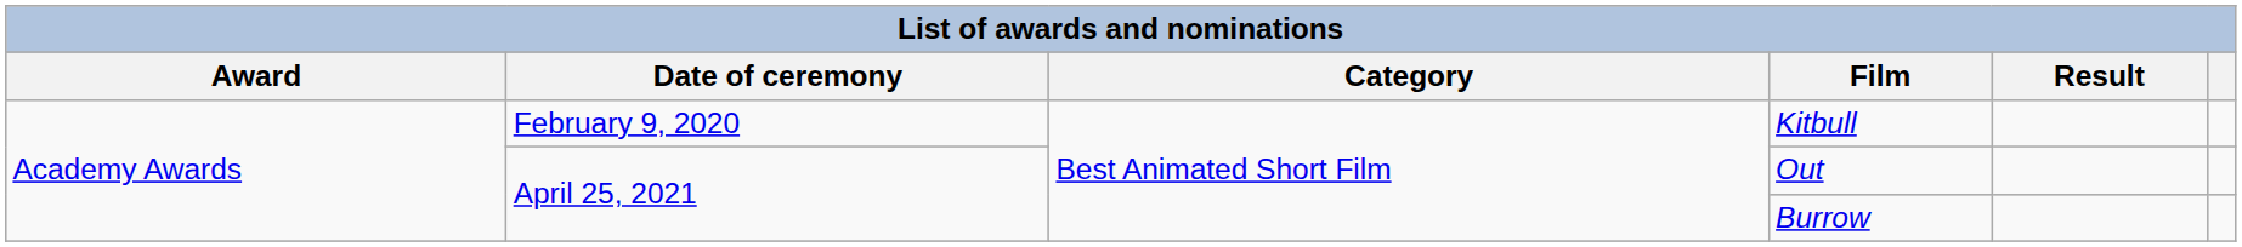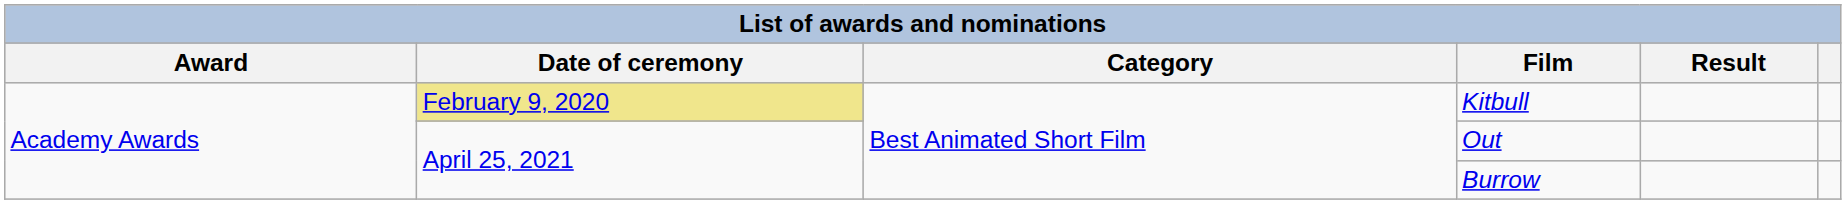 <table class="wikitable" style="width:95%;">
 <tr style="background:#ccc; text-align:center;">
 <th colspan="6" style="background: LightSteelBlue;">List of awards and nominations</th>
 </tr>
 <tr style="background:#ccc; text-align:center;">
 <th>Award</th>
 <th>Date of ceremony</th>
 <th>Category</th>
 <th>Film</th>
 <th>Result</th>
 <th></th>
 </tr>
 <tr>
 <td rowspan="3"><a href='#'>Academy Awards</a></td>
-<td><a href='#'>February 9, 2020</a></td>
+<td style="background: khaki;"><a href='#'>February 9, 2020</a></td>
 <td rowspan="3"><a href='#'>Best Animated Short Film</a></td>
 <td><em><a href='#'>Kitbull</a></em></td>
 <td></td>
 <td style="text-align:center;"></td>
 </tr>
 <tr>
 <td rowspan="2"><a href='#'>April 25, 2021</a></td>
 <td><em><a href='#'>Out</a></em></td>
 <td></td>
 <td style="text-align:center;"></td>
 </tr>
 <tr>
 <td><em><a href='#'>Burrow</a></em></td>
 <td></td>
 <td style="text-align:center;"></td>
 </tr>
 </table>
